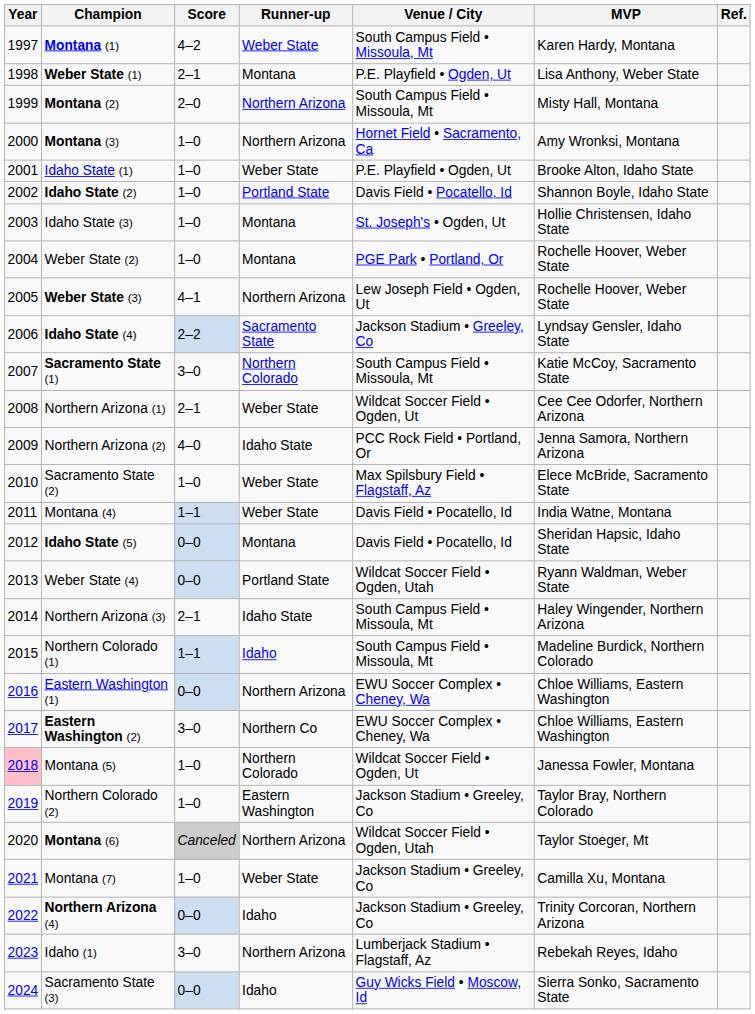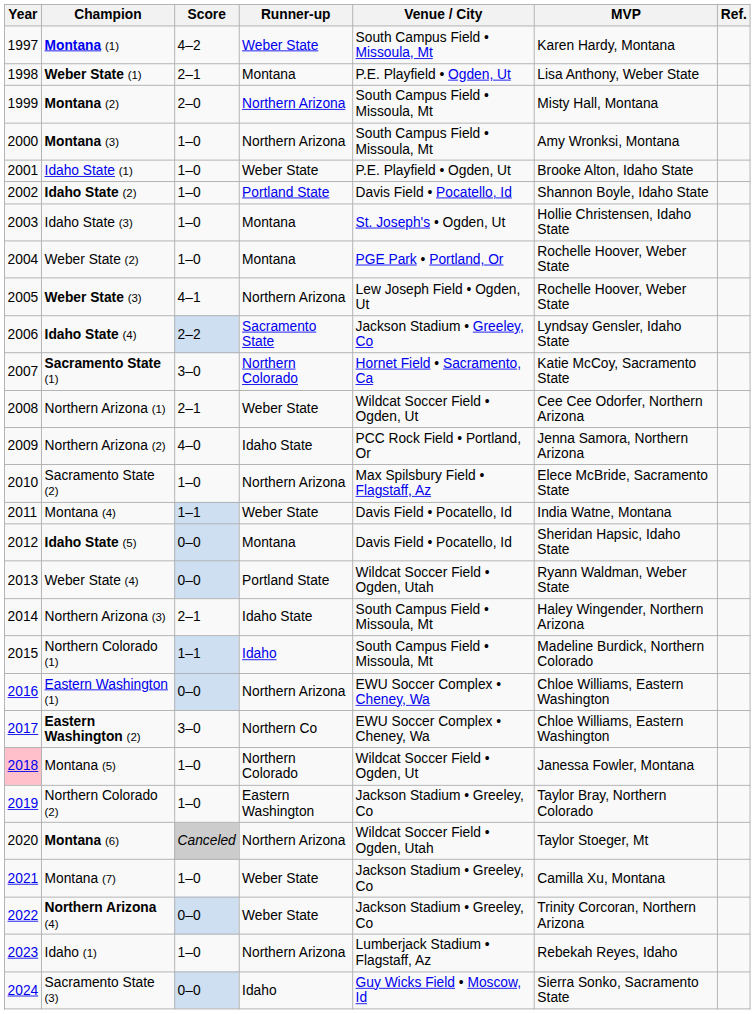 <table class="wikitable sortable" style="font-size: %;">
 <tr>
 <th width=px>Year</th>
 <th width=px>Champion</th>
 <th width=px>Score</th>
 <th width=px>Runner-up</th>
 <th width=px>Venue / City</th>
 <th width=px>MVP</th>
 <th width=px>Ref.</th>
 </tr>
 <tr>
 <td>1997</td>
 <td><strong><a href='#'>Montana</a></strong> <small>(1)</small></td>
 <td>4–2</td>
 <td><a href='#'>Weber State</a></td>
 <td>South Campus Field • <a href='#'>Missoula, Mt</a></td>
 <td>Karen Hardy, Montana</td>
 <td></td>
 </tr>
 <tr>
 <td>1998</td>
 <td><strong>Weber State</strong> <small>(1)</small></td>
 <td>2–1</td>
 <td>Montana</td>
 <td>P.E. Playfield • <a href='#'>Ogden, Ut</a></td>
 <td>Lisa Anthony, Weber State</td>
 <td></td>
 </tr>
 <tr>
 <td>1999</td>
 <td><strong>Montana</strong> <small>(2)</small></td>
 <td>2–0</td>
 <td><a href='#'>Northern Arizona</a></td>
 <td>South Campus Field • Missoula, Mt</td>
 <td>Misty Hall, Montana</td>
 <td></td>
 </tr>
 <tr>
 <td>2000</td>
 <td><strong>Montana</strong> <small>(3)</small></td>
 <td>1–0</td>
 <td>Northern Arizona</td>
-<td><a href='#'>Hornet Field</a> • <a href='#'>Sacramento, Ca</a></td>
+<td>South Campus Field • Missoula, Mt</td>
 <td>Amy Wronksi, Montana</td>
 <td></td>
 </tr>
 <tr>
 <td>2001</td>
 <td><a href='#'>Idaho State</a> <small>(1)</small></td>
 <td>1–0</td>
 <td>Weber State</td>
 <td>P.E. Playfield • Ogden, Ut</td>
 <td>Brooke Alton, Idaho State</td>
 <td></td>
 </tr>
 <tr>
 <td>2002</td>
 <td><strong>Idaho State</strong> <small>(2)</small></td>
 <td>1–0</td>
 <td><a href='#'>Portland State</a></td>
 <td>Davis Field • <a href='#'>Pocatello, Id</a></td>
 <td>Shannon Boyle, Idaho State</td>
 <td></td>
 </tr>
 <tr>
 <td>2003</td>
 <td>Idaho State <small>(3)</small></td>
 <td>1–0</td>
 <td>Montana</td>
 <td><a href='#'>St. Joseph's</a> • Ogden, Ut</td>
 <td>Hollie Christensen, Idaho State</td>
 <td></td>
 </tr>
 <tr>
 <td>2004</td>
 <td>Weber State <small>(2)</small></td>
 <td>1–0</td>
 <td>Montana</td>
 <td><a href='#'>PGE Park</a> • <a href='#'>Portland, Or</a></td>
 <td>Rochelle Hoover, Weber State</td>
 <td></td>
 </tr>
 <tr>
 <td>2005</td>
 <td><strong>Weber State</strong> <small>(3)</small></td>
 <td>4–1</td>
 <td>Northern Arizona</td>
 <td>Lew Joseph Field • Ogden, Ut</td>
 <td>Rochelle Hoover, Weber State</td>
 <td></td>
 </tr>
 <tr>
 <td>2006</td>
 <td><strong>Idaho State</strong> <small>(4)</small></td>
 <td style="background-color:#cedff2">2–2 </td>
 <td><a href='#'>Sacramento State</a></td>
 <td>Jackson Stadium • <a href='#'>Greeley, Co</a></td>
 <td>Lyndsay Gensler, Idaho State</td>
 <td></td>
 </tr>
 <tr>
 <td>2007</td>
 <td><strong>Sacramento State</strong> <small>(1)</small></td>
 <td>3–0</td>
 <td><a href='#'>Northern Colorado</a></td>
-<td>South Campus Field • Missoula, Mt</td>
+<td><a href='#'>Hornet Field</a> • <a href='#'>Sacramento, Ca</a></td>
 <td>Katie McCoy, Sacramento State</td>
 <td></td>
 </tr>
 <tr>
 <td>2008</td>
 <td>Northern Arizona <small>(1)</small></td>
 <td>2–1</td>
 <td>Weber State</td>
 <td>Wildcat Soccer Field • Ogden, Ut</td>
 <td>Cee Cee Odorfer, Northern Arizona</td>
 <td></td>
 </tr>
 <tr>
 <td>2009</td>
 <td>Northern Arizona <small>(2)</small></td>
 <td>4–0</td>
 <td>Idaho State</td>
 <td>PCC Rock Field • Portland, Or</td>
 <td>Jenna Samora, Northern Arizona</td>
 <td></td>
 </tr>
 <tr>
 <td>2010</td>
 <td>Sacramento State <small>(2)</small></td>
 <td>1–0</td>
-<td>Weber State</td>
+<td>Northern Arizona</td>
 <td>Max Spilsbury Field • <a href='#'>Flagstaff, Az</a></td>
 <td>Elece McBride, Sacramento State</td>
 <td></td>
 </tr>
 <tr>
 <td>2011</td>
 <td>Montana <small>(4)</small></td>
 <td style="background-color:#cedff2">1–1 </td>
 <td>Weber State</td>
 <td>Davis Field • Pocatello, Id</td>
 <td>India Watne, Montana</td>
 <td></td>
 </tr>
 <tr>
 <td>2012</td>
 <td><strong>Idaho State</strong> <small>(5)</small></td>
 <td style="background-color:#cedff2">0–0 </td>
 <td>Montana</td>
 <td>Davis Field • Pocatello, Id</td>
 <td>Sheridan Hapsic, Idaho State</td>
 <td></td>
 </tr>
 <tr>
 <td>2013</td>
 <td>Weber State <small>(4)</small></td>
 <td style="background-color:#cedff2">0–0 </td>
 <td>Portland State</td>
 <td>Wildcat Soccer Field • Ogden, Utah</td>
 <td>Ryann Waldman, Weber State</td>
 <td></td>
 </tr>
 <tr>
 <td>2014</td>
 <td>Northern Arizona <small>(3)</small></td>
 <td>2–1</td>
 <td>Idaho State</td>
 <td>South Campus Field • Missoula, Mt</td>
 <td>Haley Wingender, Northern Arizona</td>
 <td></td>
 </tr>
 <tr>
 <td>2015</td>
 <td>Northern Colorado <small>(1)</small></td>
 <td style="background-color:#cedff2">1–1 </td>
 <td><a href='#'>Idaho</a></td>
 <td>South Campus Field • Missoula, Mt</td>
 <td>Madeline Burdick, Northern Colorado</td>
 <td></td>
 </tr>
 <tr>
 <td><a href='#'>2016</a></td>
 <td><a href='#'>Eastern Washington</a> <small>(1)</small></td>
 <td style="background-color:#cedff2">0–0 </td>
 <td>Northern Arizona</td>
 <td>EWU Soccer Complex • <a href='#'>Cheney, Wa</a></td>
 <td>Chloe Williams, Eastern Washington</td>
 <td></td>
 </tr>
 <tr>
 <td><a href='#'>2017</a></td>
 <td><strong>Eastern Washington</strong> <small>(2)</small></td>
 <td>3–0</td>
 <td>Northern Co</td>
 <td>EWU Soccer Complex • Cheney, Wa</td>
 <td>Chloe Williams, Eastern Washington</td>
 <td></td>
 </tr>
 <tr>
 <td style="background: pink;"><a href='#'>2018</a></td>
 <td>Montana <small>(5)</small></td>
 <td>1–0</td>
 <td>Northern Colorado</td>
 <td>Wildcat Soccer Field • Ogden, Ut</td>
 <td>Janessa Fowler, Montana</td>
 <td></td>
 </tr>
 <tr>
 <td><a href='#'>2019</a></td>
 <td>Northern Colorado <small>(2)</small></td>
 <td>1–0</td>
 <td>Eastern Washington</td>
 <td>Jackson Stadium • Greeley, Co</td>
 <td>Taylor Bray, Northern Colorado</td>
 <td></td>
 </tr>
 <tr>
 <td>2020</td>
 <td><strong>Montana</strong> <small>(6)</small></td>
 <td style="background-color:#ccc"><em>Canceled</em></td>
 <td>Northern Arizona</td>
 <td>Wildcat Soccer Field • Ogden, Utah</td>
 <td>Taylor Stoeger, Mt</td>
 <td></td>
 </tr>
 <tr>
 <td><a href='#'>2021</a></td>
 <td>Montana <small>(7)</small></td>
 <td>1–0</td>
 <td>Weber State</td>
 <td>Jackson Stadium • Greeley, Co</td>
 <td>Camilla Xu, Montana</td>
 <td></td>
 </tr>
 <tr>
 <td><a href='#'>2022</a></td>
 <td><strong>Northern Arizona</strong> <small>(4)</small></td>
 <td style="background-color:#cedff2">0–0 </td>
-<td>Idaho</td>
+<td>Weber State</td>
 <td>Jackson Stadium • Greeley, Co</td>
 <td>Trinity Corcoran, Northern Arizona</td>
 <td></td>
 </tr>
 <tr>
 <td><a href='#'>2023</a></td>
 <td>Idaho <small>(1)</small></td>
-<td>3–0</td>
+<td>1–0</td>
 <td>Northern Arizona</td>
 <td>Lumberjack Stadium • Flagstaff, Az</td>
 <td>Rebekah Reyes, Idaho</td>
 <td></td>
 </tr>
 <tr>
 <td><a href='#'>2024</a></td>
 <td>Sacramento State <small>(3)</small></td>
 <td style="background-color:#cedff2">0–0 </td>
 <td>Idaho</td>
 <td><a href='#'>Guy Wicks Field</a> • <a href='#'>Moscow, Id</a></td>
 <td>Sierra Sonko, Sacramento State</td>
 <td></td>
 </tr>
 </table>
